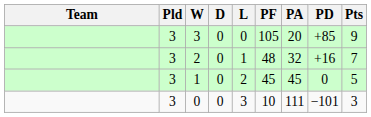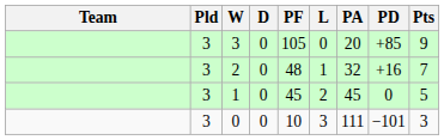 <table class="wikitable" style="text-align:center;">
 <tr>
 <th width=175>Team</th>
 <th width=20 abbr="Played">Pld</th>
 <th width=20 abbr="Won">W</th>
 <th width=20 abbr="Drawn">D</th>
+<th width=20 abbr="Points for">PF</th>
 <th width=20 abbr="Lost">L</th>
-<th width=20 abbr="Points for">PF</th>
 <th width=20 abbr="Points against">PA</th>
 <th width=25 abbr="Points difference">PD</th>
 <th width=20 abbr="Points">Pts</th>
 </tr>
 <tr bgcolor=ccffcc>
 <td style="text-align:left;"></td>
 <td>3</td>
 <td>3</td>
 <td>0</td>
+<td>105</td>
 <td>0</td>
-<td>105</td>
 <td>20</td>
 <td>+85</td>
 <td>9</td>
 </tr>
 <tr bgcolor=ccffcc>
 <td style="text-align:left;"></td>
 <td>3</td>
 <td>2</td>
 <td>0</td>
+<td>48</td>
 <td>1</td>
-<td>48</td>
 <td>32</td>
 <td>+16</td>
 <td>7</td>
 </tr>
 <tr bgcolor=ccffcc>
 <td style="text-align:left;"></td>
 <td>3</td>
 <td>1</td>
 <td>0</td>
+<td>45</td>
 <td>2</td>
-<td>45</td>
 <td>45</td>
 <td>0</td>
 <td>5</td>
 </tr>
 <tr>
 <td style="text-align:left;"></td>
 <td>3</td>
 <td>0</td>
 <td>0</td>
+<td>10</td>
 <td>3</td>
-<td>10</td>
 <td>111</td>
 <td>−101</td>
 <td>3</td>
 </tr>
 </table>
